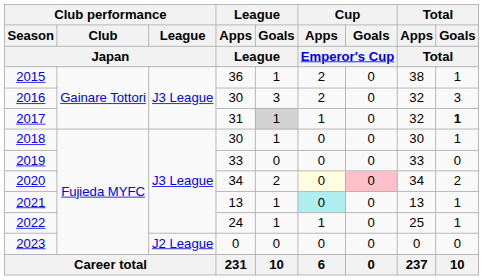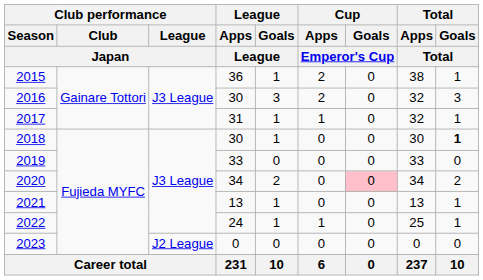 <table class="wikitable" style="text-align:center">
 <tr>
 <th colspan=3>Club performance</th>
 <th colspan=2>League</th>
 <th colspan=2>Cup</th>
 <th colspan=2>Total</th>
 </tr>
 <tr>
 <th>Season</th>
 <th>Club</th>
 <th>League</th>
 <th>Apps</th>
 <th>Goals</th>
 <th>Apps</th>
 <th>Goals</th>
 <th>Apps</th>
 <th>Goals</th>
 </tr>
 <tr>
 <th colspan=3>Japan</th>
 <th colspan=2>League</th>
 <th colspan=2><a href='#'>Emperor's Cup</a></th>
 <th colspan=2>Total</th>
 </tr>
 <tr>
 <td><a href='#'>2015</a></td>
 <td rowspan="3"><a href='#'>Gainare Tottori</a></td>
 <td rowspan="3"><a href='#'>J3 League</a></td>
 <td>36</td>
 <td>1</td>
 <td>2</td>
 <td>0</td>
 <td>38</td>
 <td>1</td>
 </tr>
 <tr>
 <td><a href='#'>2016</a></td>
 <td>30</td>
 <td>3</td>
 <td>2</td>
 <td>0</td>
 <td>32</td>
 <td>3</td>
 </tr>
 <tr>
 <td><a href='#'>2017</a></td>
 <td>31</td>
-<td style="background: lightgrey;">1</td>
+<td>1</td>
 <td>1</td>
 <td>0</td>
 <td>32</td>
-<td><strong>1</strong></td>
+<td>1</td>
 </tr>
 <tr>
 <td><a href='#'>2018</a></td>
 <td rowspan="6"><a href='#'>Fujieda MYFC</a></td>
 <td rowspan="5"><a href='#'>J3 League</a></td>
 <td>30</td>
 <td>1</td>
 <td>0</td>
 <td>0</td>
 <td>30</td>
-<td>1</td>
+<td><strong>1</strong></td>
 </tr>
 <tr>
 <td><a href='#'>2019</a></td>
 <td>33</td>
 <td>0</td>
 <td>0</td>
 <td>0</td>
 <td>33</td>
 <td>0</td>
 </tr>
 <tr>
 <td><a href='#'>2020</a></td>
 <td>34</td>
 <td>2</td>
-<td style="background: lightyellow;">0</td>
+<td>0</td>
 <td style="background: pink;">0</td>
 <td>34</td>
 <td>2</td>
 </tr>
 <tr>
 <td><a href='#'>2021</a></td>
 <td>13</td>
 <td>1</td>
-<td style="background: paleturquoise;">0</td>
+<td>0</td>
 <td>0</td>
 <td>13</td>
 <td>1</td>
 </tr>
 <tr>
 <td><a href='#'>2022</a></td>
 <td>24</td>
 <td>1</td>
 <td>1</td>
 <td>0</td>
 <td>25</td>
 <td>1</td>
 </tr>
 <tr>
 <td><a href='#'>2023</a></td>
 <td><a href='#'>J2 League</a></td>
 <td>0</td>
 <td>0</td>
 <td>0</td>
 <td>0</td>
 <td>0</td>
 <td>0</td>
 </tr>
 <tr>
 <th colspan=3>Career total</th>
 <th>231</th>
 <th>10</th>
 <th>6</th>
 <th>0</th>
 <th>237</th>
 <th>10</th>
 </tr>
 </table>
